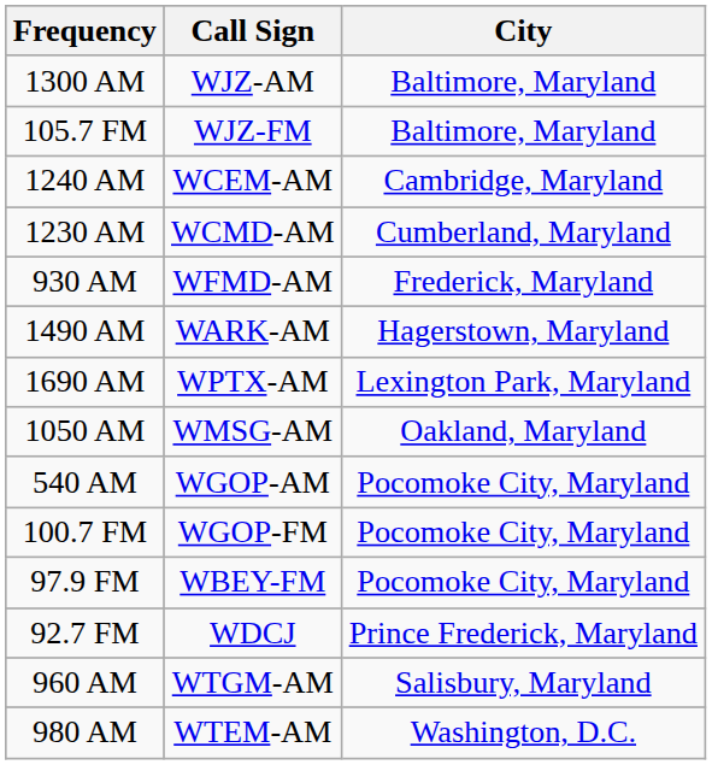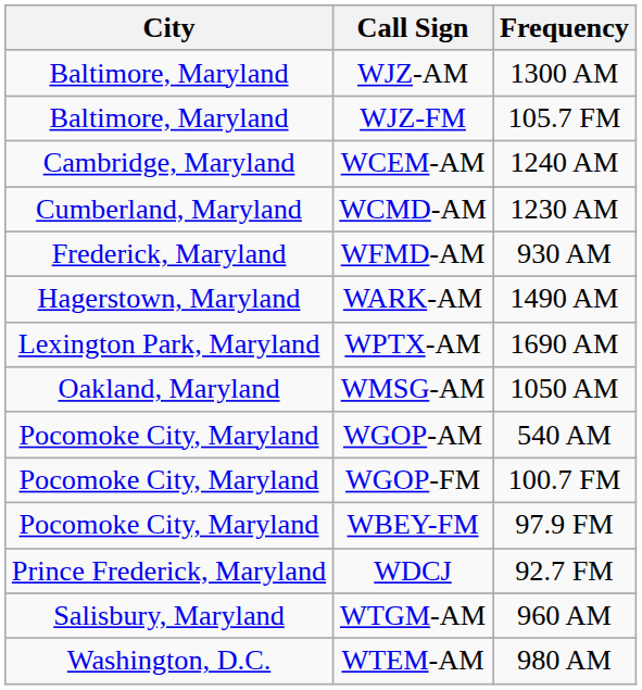 <table class="wikitable"; style= "text-align:center">
 <tr>
+<th width=px>City</th>
+<th width=px>Call Sign</th>
 <th width=px>Frequency</th>
-<th width=px>Call Sign</th>
-<th width=px>City</th>
 </tr>
 <tr>
+<td><a href='#'>Baltimore, Maryland</a></td>
+<td><a href='#'>WJZ</a>-AM</td>
 <td>1300 AM</td>
-<td><a href='#'>WJZ</a>-AM</td>
-<td><a href='#'>Baltimore, Maryland</a></td>
 </tr>
 <tr>
+<td><a href='#'>Baltimore, Maryland</a></td>
+<td><a href='#'>WJZ-FM</a></td>
 <td>105.7 FM</td>
-<td><a href='#'>WJZ-FM</a></td>
-<td><a href='#'>Baltimore, Maryland</a></td>
 </tr>
 <tr>
+<td><a href='#'>Cambridge, Maryland</a></td>
+<td><a href='#'>WCEM</a>-AM</td>
 <td>1240 AM</td>
-<td><a href='#'>WCEM</a>-AM</td>
-<td><a href='#'>Cambridge, Maryland</a></td>
 </tr>
 <tr>
+<td><a href='#'>Cumberland, Maryland</a></td>
+<td><a href='#'>WCMD</a>-AM</td>
 <td>1230 AM</td>
-<td><a href='#'>WCMD</a>-AM</td>
-<td><a href='#'>Cumberland, Maryland</a></td>
 </tr>
 <tr>
+<td><a href='#'>Frederick, Maryland</a></td>
+<td><a href='#'>WFMD</a>-AM</td>
 <td>930 AM</td>
-<td><a href='#'>WFMD</a>-AM</td>
-<td><a href='#'>Frederick, Maryland</a></td>
 </tr>
 <tr>
+<td><a href='#'>Hagerstown, Maryland</a></td>
+<td><a href='#'>WARK</a>-AM</td>
 <td>1490 AM</td>
-<td><a href='#'>WARK</a>-AM</td>
-<td><a href='#'>Hagerstown, Maryland</a></td>
 </tr>
 <tr>
+<td><a href='#'>Lexington Park, Maryland</a></td>
+<td><a href='#'>WPTX</a>-AM</td>
 <td>1690 AM</td>
-<td><a href='#'>WPTX</a>-AM</td>
-<td><a href='#'>Lexington Park, Maryland</a></td>
 </tr>
 <tr>
+<td><a href='#'>Oakland, Maryland</a></td>
+<td><a href='#'>WMSG</a>-AM</td>
 <td>1050 AM</td>
-<td><a href='#'>WMSG</a>-AM</td>
-<td><a href='#'>Oakland, Maryland</a></td>
 </tr>
 <tr>
+<td><a href='#'>Pocomoke City, Maryland</a></td>
+<td><a href='#'>WGOP</a>-AM</td>
 <td>540 AM</td>
-<td><a href='#'>WGOP</a>-AM</td>
-<td><a href='#'>Pocomoke City, Maryland</a></td>
 </tr>
 <tr>
+<td><a href='#'>Pocomoke City, Maryland</a></td>
+<td><a href='#'>WGOP</a>-FM</td>
 <td>100.7 FM</td>
-<td><a href='#'>WGOP</a>-FM</td>
-<td><a href='#'>Pocomoke City, Maryland</a></td>
 </tr>
 <tr>
+<td><a href='#'>Pocomoke City, Maryland</a></td>
+<td><a href='#'>WBEY-FM</a></td>
 <td>97.9 FM</td>
-<td><a href='#'>WBEY-FM</a></td>
-<td><a href='#'>Pocomoke City, Maryland</a></td>
 </tr>
 <tr>
+<td><a href='#'>Prince Frederick, Maryland</a></td>
+<td><a href='#'>WDCJ</a></td>
 <td>92.7 FM</td>
-<td><a href='#'>WDCJ</a></td>
-<td><a href='#'>Prince Frederick, Maryland</a></td>
 </tr>
 <tr>
+<td><a href='#'>Salisbury, Maryland</a></td>
+<td><a href='#'>WTGM</a>-AM</td>
 <td>960 AM</td>
-<td><a href='#'>WTGM</a>-AM</td>
-<td><a href='#'>Salisbury, Maryland</a></td>
 </tr>
 <tr>
+<td><a href='#'>Washington, D.C.</a></td>
+<td><a href='#'>WTEM</a>-AM</td>
 <td>980 AM</td>
-<td><a href='#'>WTEM</a>-AM</td>
-<td><a href='#'>Washington, D.C.</a></td>
 </tr>
 </table>
